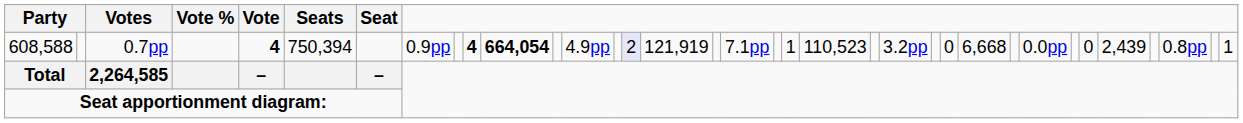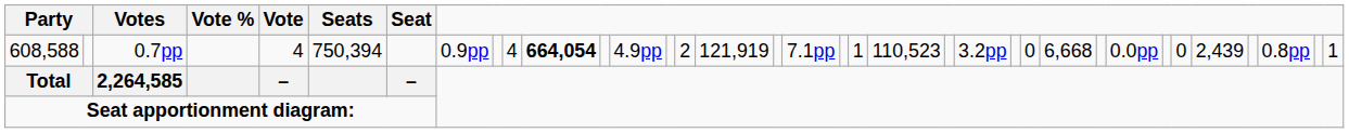 <table class=wikitable style="text-align:right;">
 <tr>
 <th colspan=2>Party</th>
 <th>Votes</th>
 <th>Vote %</th>
 <th>Vote </th>
 <th>Seats</th>
 <th>Seat </th>
 </tr>
 <tr>
 <td>608,588</td>
 <td></td>
 <td> 0.7<a href='#'>pp</a></td>
 <td style="text-align:center;"></td>
-<td><strong> 4<br></strong></td>
+<td> 4<br></td>
 <td>750,394</td>
 <td></td>
 <td> 0.9<a href='#'>pp</a></td>
 <td style="text-align:center;"></td>
-<td><strong> 4<br></strong></td>
+<td> 4<br></td>
 <td><strong>664,054</strong></td>
 <td></td>
 <td> 4.9<a href='#'>pp</a></td>
 <td style="text-align:center;"></td>
-<td style="background: lavender;"> 2<br></td>
+<td> 2<br></td>
 <td>121,919</td>
 <td></td>
 <td> 7.1<a href='#'>pp</a></td>
 <td style="text-align:center;"></td>
 <td> 1<br></td>
 <td>110,523</td>
 <td></td>
 <td> 3.2<a href='#'>pp</a></td>
 <td style="text-align:center;"></td>
 <td> 0<br></td>
 <td>6,668</td>
 <td></td>
 <td> 0.0<a href='#'>pp</a></td>
 <td style="text-align:center;"></td>
 <td> 0<br></td>
 <td>2,439</td>
 <td></td>
 <td> 0.8<a href='#'>pp</a></td>
 <td style="text-align:center;"></td>
 <td> 1</td>
 </tr>
 <tr>
 <th colspan="2">Total</th>
 <th>2,264,585</th>
 <th></th>
 <th>–</th>
 <th style="text-align:center;"></th>
 <th>–</th>
 </tr>
 <tr>
 <td colspan=7; style=text-align:center><strong>Seat apportionment diagram:</strong><br></td>
 </tr>
 </table>
